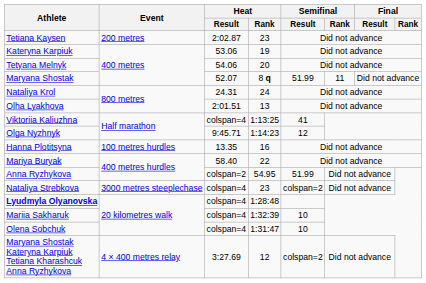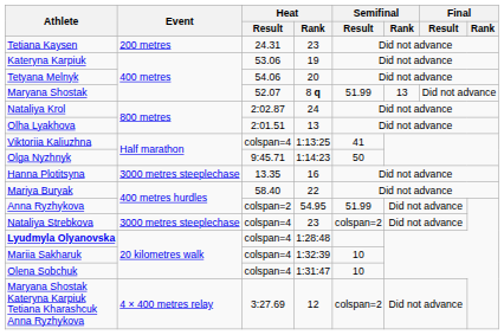 <table class=wikitable style=font-size:90%>
 <tr>
 <th rowspan=2>Athlete</th>
 <th rowspan=2>Event</th>
 <th colspan=2>Heat</th>
 <th colspan=2>Semifinal</th>
 <th colspan=2>Final</th>
 </tr>
 <tr style=font-size:95%>
 <th>Result</th>
 <th>Rank</th>
 <th>Result</th>
 <th>Rank</th>
 <th>Result</th>
 <th>Rank</th>
 </tr>
 <tr align=center>
 <td align=left><a href='#'>Tetiana Kaysen</a></td>
 <td align=left><a href='#'>200 metres</a></td>
-<td>2:02.87</td>
+<td>24.31</td>
 <td>23</td>
 <td colspan=4>Did not advance</td>
 </tr>
 <tr align=center>
 <td align=left><a href='#'>Kateryna Karpiuk</a></td>
 <td align=left rowspan=3><a href='#'>400 metres</a></td>
 <td>53.06</td>
 <td>19</td>
 <td colspan=4>Did not advance</td>
 </tr>
 <tr align=center>
 <td align=left><a href='#'>Tetyana Melnyk</a></td>
 <td>54.06</td>
 <td>20</td>
 <td colspan=4>Did not advance</td>
 </tr>
 <tr align=center>
 <td align=left><a href='#'>Maryana Shostak</a></td>
 <td>52.07 </td>
 <td>8 <strong>q</strong></td>
 <td>51.99 </td>
-<td>11</td>
+<td>13</td>
 <td colspan=4>Did not advance</td>
 </tr>
 <tr align=center>
 <td align=left><a href='#'>Nataliya Krol</a></td>
 <td align=left rowspan=2><a href='#'>800 metres</a></td>
-<td>24.31</td>
+<td>2:02.87</td>
 <td>24</td>
 <td colspan=4>Did not advance</td>
 </tr>
 <tr align=center>
 <td align=left><a href='#'>Olha Lyakhova</a></td>
 <td>2:01.51</td>
 <td>13</td>
 <td colspan=4>Did not advance</td>
 </tr>
 <tr align=center>
 <td align=left><a href='#'>Viktoriia Kaliuzhna</a></td>
 <td align=left rowspan=2><a href='#'>Half marathon</a></td>
 <td>colspan=4</td>
 <td>1:13:25</td>
 <td>41</td>
 </tr>
 <tr align=center>
 <td align=left><a href='#'>Olga Nyzhnyk</a></td>
 <td>9:45.71</td>
 <td>1:14:23 </td>
-<td>12</td>
+<td>50</td>
 </tr>
 <tr align=center>
 <td align=left><a href='#'>Hanna Plotitsyna</a></td>
-<td align=left><a href='#'>100 metres hurdles</a></td>
+<td align=left><a href='#'>3000 metres steeplechase</a></td>
 <td>13.35</td>
 <td>16</td>
 <td colspan=4>Did not advance</td>
 </tr>
 <tr align=center>
 <td align=left><a href='#'>Mariya Buryak</a></td>
 <td align=left rowspan=2><a href='#'>400 metres hurdles</a></td>
 <td>58.40</td>
 <td>22</td>
 <td colspan=4>Did not advance</td>
 </tr>
 <tr align=center>
 <td align=left><a href='#'>Anna Ryzhykova</a></td>
 <td>colspan=2 </td>
 <td>54.95 </td>
 <td>51.99 </td>
 <td colspan=2>Did not advance</td>
 </tr>
 <tr align=center>
 <td align=left><a href='#'>Nataliya Strebkova</a></td>
 <td align=left><a href='#'>3000 metres steeplechase</a></td>
 <td>colspan=4</td>
 <td>23</td>
 <td>colspan=2</td>
 <td colspan=2>Did not advance</td>
 </tr>
 <tr align=center>
 <td align=left><strong><a href='#'>Lyudmyla Olyanovska</a></strong></td>
 <td align=left rowspan=3><a href='#'>20 kilometres walk</a></td>
 <td>colspan=4</td>
 <td>1:28:48 </td>
 <td></td>
 </tr>
 <tr align=center>
 <td align=left><a href='#'>Mariia Sakharuk</a></td>
 <td>colspan=4</td>
 <td>1:32:39</td>
 <td>10</td>
 </tr>
 <tr align=center>
 <td align=left><a href='#'>Olena Sobchuk</a></td>
 <td>colspan=4</td>
 <td>1:31:47 </td>
 <td>10</td>
 </tr>
 <tr align=center>
 <td align=left><a href='#'>Maryana Shostak</a><br><a href='#'>Kateryna Karpiuk</a><br><a href='#'>Tetiana Kharashcuk</a><br><a href='#'>Anna Ryzhykova</a></td>
 <td align=left><a href='#'>4 × 400 metres relay</a></td>
 <td>3:27.69  </td>
 <td>12</td>
 <td>colspan=2</td>
 <td colspan=2>Did not advance</td>
 </tr>
 </table>
